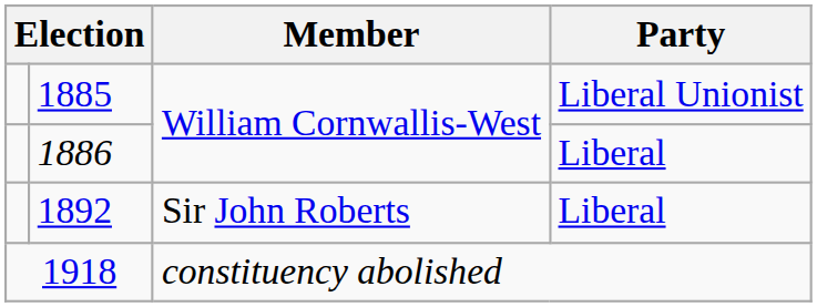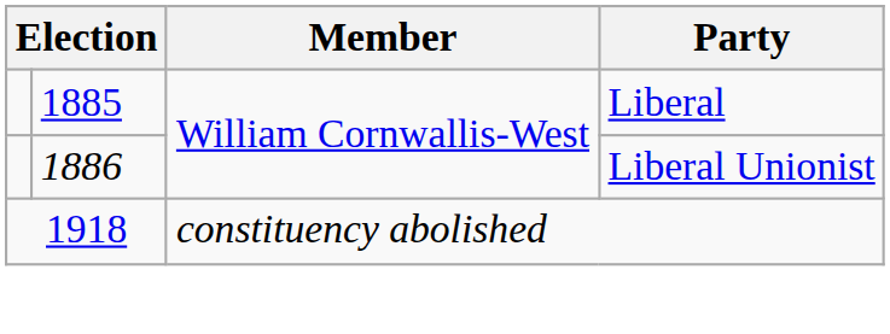 <table class="wikitable">
 <tr>
 <th colspan="2">Election</th>
 <th>Member</th>
 <th>Party</th>
 </tr>
 <tr>
 <td style="color:inherit;background-color: "></td>
 <td><a href='#'>1885</a></td>
 <td rowspan="2"><a href='#'>William Cornwallis-West</a></td>
-<td><a href='#'>Liberal Unionist</a></td>
+<td><a href='#'>Liberal</a></td>
 </tr>
 <tr>
 <td style="color:inherit;background-color: "></td>
 <td><em>1886</em> </td>
-<td><a href='#'>Liberal</a></td>
-</tr>
-<tr>
-<td style="color:inherit;background-color: "></td>
-<td><a href='#'>1892</a></td>
-<td>Sir <a href='#'>John Roberts</a></td>
-<td><a href='#'>Liberal</a></td>
+<td><a href='#'>Liberal Unionist</a></td>
 </tr>
 <tr>
 <td colspan="2" align="center"><a href='#'>1918</a></td>
 <td colspan="2"><em>constituency abolished</em></td>
 </tr>
 </table>
